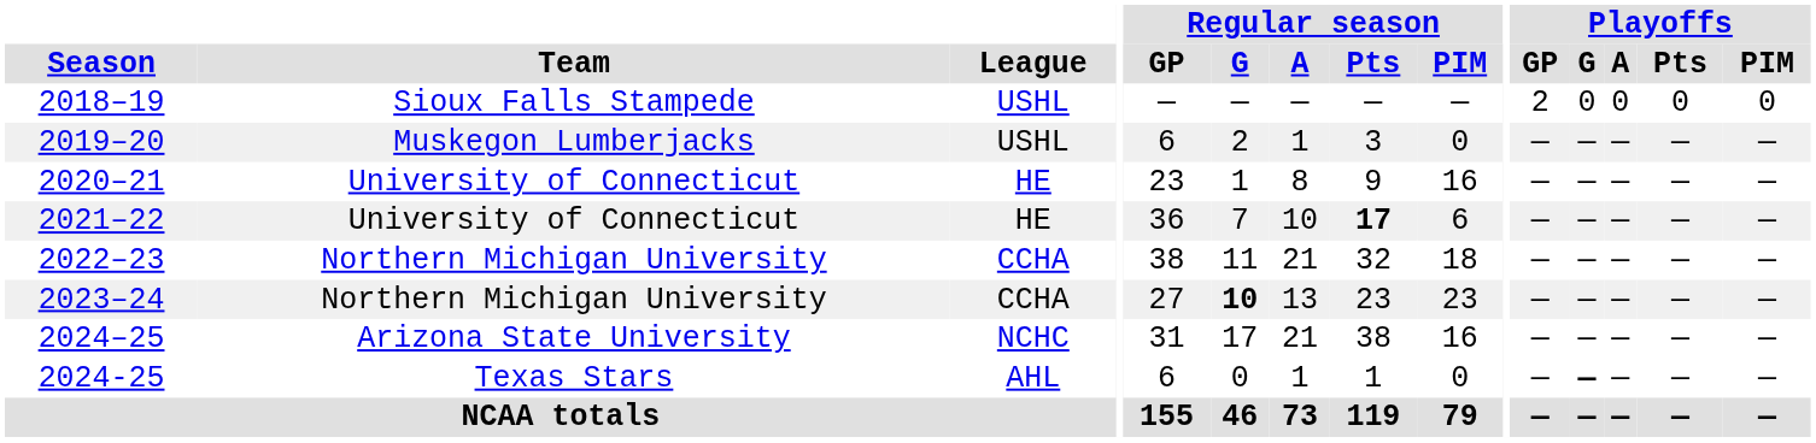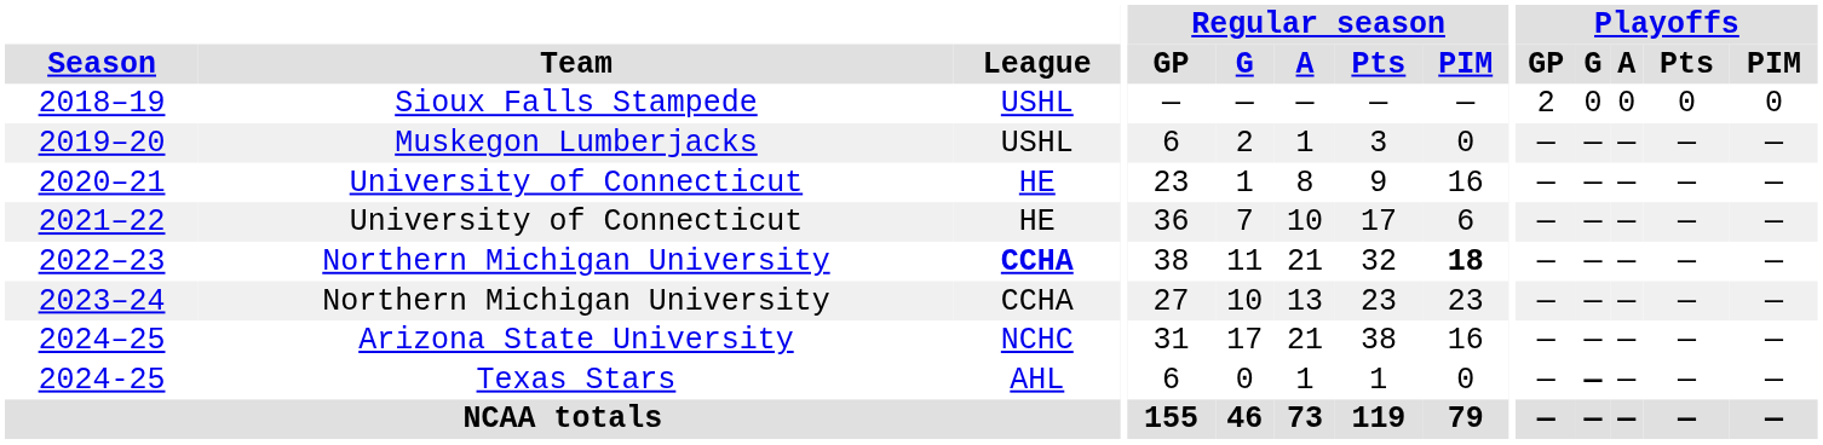 <table border="0" cellpadding="1" cellspacing="0" style="text-align:center; width:60em">
 <tr bgcolor="#e0e0e0">
 <th colspan="3" bgcolor="#ffffff"></th>
 <th rowspan="102" bgcolor="#ffffff"></th>
 <th colspan="5"><a href='#'>Regular season</a></th>
 <th rowspan="102" bgcolor="#ffffff"></th>
 <th colspan="5"><a href='#'>Playoffs</a></th>
 </tr>
 <tr bgcolor="#e0e0e0">
 <th><a href='#'>Season</a></th>
 <th>Team</th>
 <th>League</th>
 <th>GP</th>
 <th><a href='#'>G</a></th>
 <th><a href='#'>A</a></th>
 <th><a href='#'>Pts</a></th>
 <th><a href='#'>PIM</a></th>
 <th>GP</th>
 <th>G</th>
 <th>A</th>
 <th>Pts</th>
 <th>PIM</th>
 </tr>
 <tr>
 <td><a href='#'>2018–19</a></td>
 <td><a href='#'>Sioux Falls Stampede</a></td>
 <td><a href='#'>USHL</a></td>
 <td>—</td>
 <td>—</td>
 <td>—</td>
 <td>—</td>
 <td>—</td>
 <td>2</td>
 <td>0</td>
 <td>0</td>
 <td>0</td>
 <td>0</td>
 </tr>
 <tr bgcolor="#f0f0f0">
 <td><a href='#'>2019–20</a></td>
 <td><a href='#'>Muskegon Lumberjacks</a></td>
 <td>USHL</td>
 <td>6</td>
 <td>2</td>
 <td>1</td>
 <td>3</td>
 <td>0</td>
 <td>—</td>
 <td>—</td>
 <td>—</td>
 <td>—</td>
 <td>—</td>
 </tr>
 <tr>
 <td><a href='#'>2020–21</a></td>
 <td><a href='#'>University of Connecticut</a></td>
 <td><a href='#'>HE</a></td>
 <td>23</td>
 <td>1</td>
 <td>8</td>
 <td>9</td>
 <td>16</td>
 <td>—</td>
 <td>—</td>
 <td>—</td>
 <td>—</td>
 <td>—</td>
 </tr>
 <tr bgcolor="#f0f0f0">
 <td><a href='#'>2021–22</a></td>
 <td>University of Connecticut</td>
 <td>HE</td>
 <td>36</td>
 <td>7</td>
 <td>10</td>
-<td><strong>17</strong></td>
+<td>17</td>
 <td>6</td>
 <td>—</td>
 <td>—</td>
 <td>—</td>
 <td>—</td>
 <td>—</td>
 </tr>
 <tr>
 <td><a href='#'>2022–23</a></td>
 <td><a href='#'>Northern Michigan University</a></td>
-<td><a href='#'>CCHA</a></td>
+<td><strong><a href='#'>CCHA</a></strong></td>
 <td>38</td>
 <td>11</td>
 <td>21</td>
 <td>32</td>
-<td>18</td>
+<td><strong>18</strong></td>
 <td>—</td>
 <td>—</td>
 <td>—</td>
 <td>—</td>
 <td>—</td>
 </tr>
 <tr bgcolor="#f0f0f0">
 <td><a href='#'>2023–24</a></td>
 <td>Northern Michigan University</td>
 <td>CCHA</td>
 <td>27</td>
-<td><strong>10</strong></td>
+<td>10</td>
 <td>13</td>
 <td>23</td>
 <td>23</td>
 <td>—</td>
 <td>—</td>
 <td>—</td>
 <td>—</td>
 <td>—</td>
 </tr>
 <tr>
 <td><a href='#'>2024–25</a></td>
 <td><a href='#'>Arizona State University</a></td>
 <td><a href='#'>NCHC</a></td>
 <td>31</td>
 <td>17</td>
 <td>21</td>
 <td>38</td>
 <td>16</td>
 <td>—</td>
 <td>—</td>
 <td>—</td>
 <td>—</td>
 <td>—</td>
 </tr>
 <tr>
 <td><a href='#'>2024-25</a></td>
 <td><a href='#'>Texas Stars</a></td>
 <td><a href='#'>AHL</a></td>
 <td>6</td>
 <td>0</td>
 <td>1</td>
 <td>1</td>
 <td>0</td>
 <td>—</td>
 <th>—</th>
 <td>—</td>
 <td>—</td>
 <td>—</td>
 </tr>
 <tr bgcolor="#e0e0e0">
 <th colspan="3">NCAA totals</th>
 <th>155</th>
 <th>46</th>
 <th>73</th>
 <th>119</th>
 <th>79</th>
 <th>—</th>
 <th>—</th>
 <th>—</th>
 <th>—</th>
 <th>—</th>
 </tr>
 </table>
